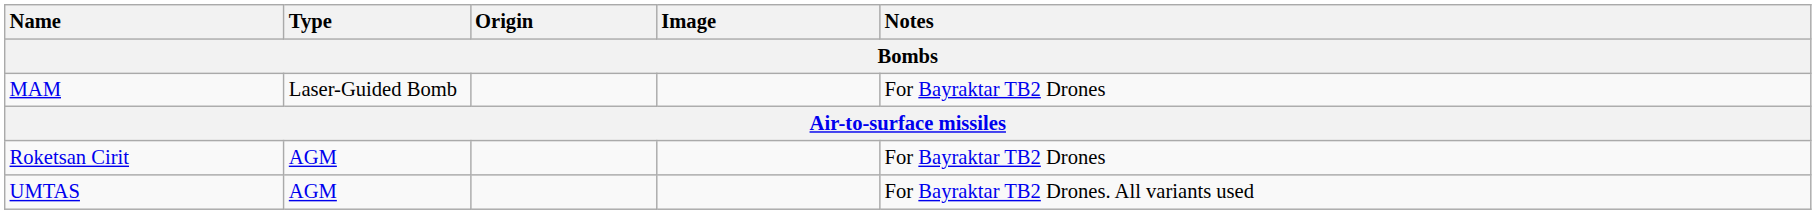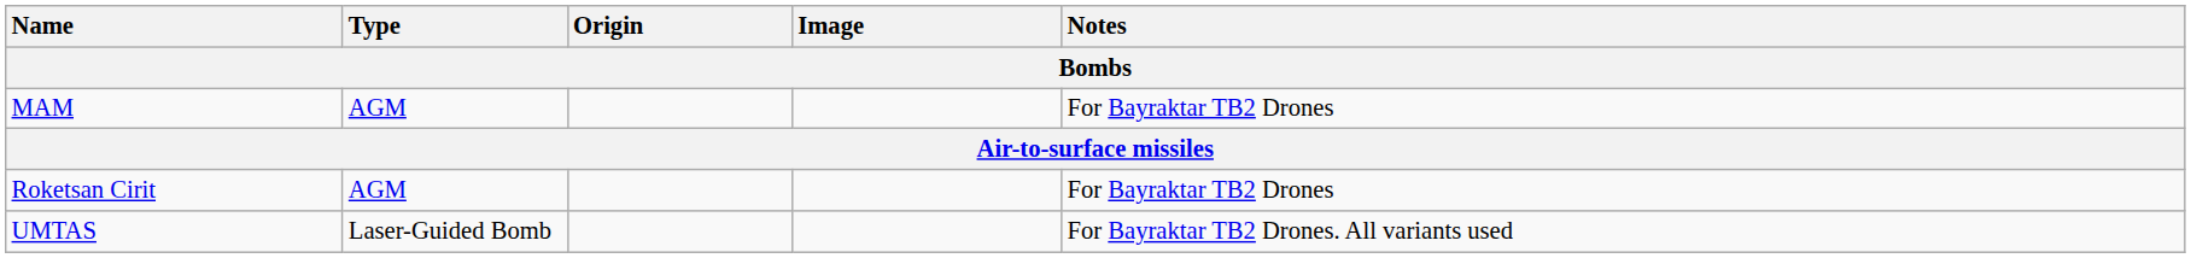 <table class="wikitable" style="margin:auto; font-size:90%; width:100%;">
 <tr>
 <th style="text-align:left; width:15%;">Name</th>
 <th style="text-align:left; width:10%;">Type</th>
 <th style="text-align:left; width:10%;">Origin</th>
 <th style="text-align:left; width:12%;">Image</th>
 <th style="text-align:left; width:50%;">Notes</th>
 </tr>
 <tr>
 <th style="align: center;" colspan="5">Bombs</th>
 </tr>
 <tr>
 <td><a href='#'>MAM</a></td>
-<td>Laser-Guided Bomb</td>
+<td><a href='#'>AGM</a></td>
 <td></td>
 <td></td>
 <td>For <a href='#'>Bayraktar TB2</a> Drones</td>
 </tr>
 <tr>
 <th style="align: center;" colspan="6"><a href='#'>Air-to-surface missiles</a></th>
 </tr>
 <tr>
 <td><a href='#'>Roketsan Cirit</a></td>
 <td><a href='#'>AGM</a></td>
 <td></td>
 <td></td>
 <td>For <a href='#'>Bayraktar TB2</a> Drones</td>
 </tr>
 <tr>
 <td><a href='#'>UMTAS</a></td>
-<td><a href='#'>AGM</a></td>
+<td>Laser-Guided Bomb</td>
 <td></td>
 <td></td>
 <td>For <a href='#'>Bayraktar TB2</a> Drones. All variants used</td>
 </tr>
 </table>
